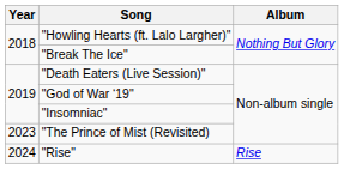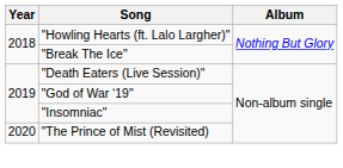 <table class="wikitable">
 <tr>
 <th>Year</th>
 <th>Song</th>
 <th>Album</th>
 </tr>
 <tr>
 <td rowspan="2">2018</td>
 <td>"Howling Hearts (ft. Lalo Largher)"</td>
 <td rowspan="2"><em><a href='#'>Nothing But Glory</a></em></td>
 </tr>
 <tr>
 <td>"Break The Ice"</td>
 </tr>
 <tr>
 <td rowspan="3">2019</td>
 <td>"Death Eaters (Live Session)"</td>
 <td rowspan="4">Non-album single</td>
 </tr>
 <tr>
 <td>"God of War ‘19"</td>
 </tr>
 <tr>
 <td>"Insomniac"</td>
 </tr>
 <tr>
-<td>2023</td>
+<td>2020</td>
 <td>"The Prince of Mist (Revisited)</td>
 </tr>
-<tr>
-<td>2024</td>
-<td>"Rise"</td>
-<td><em><a href='#'>Rise</a></em></td>
-</tr>
 </table>
